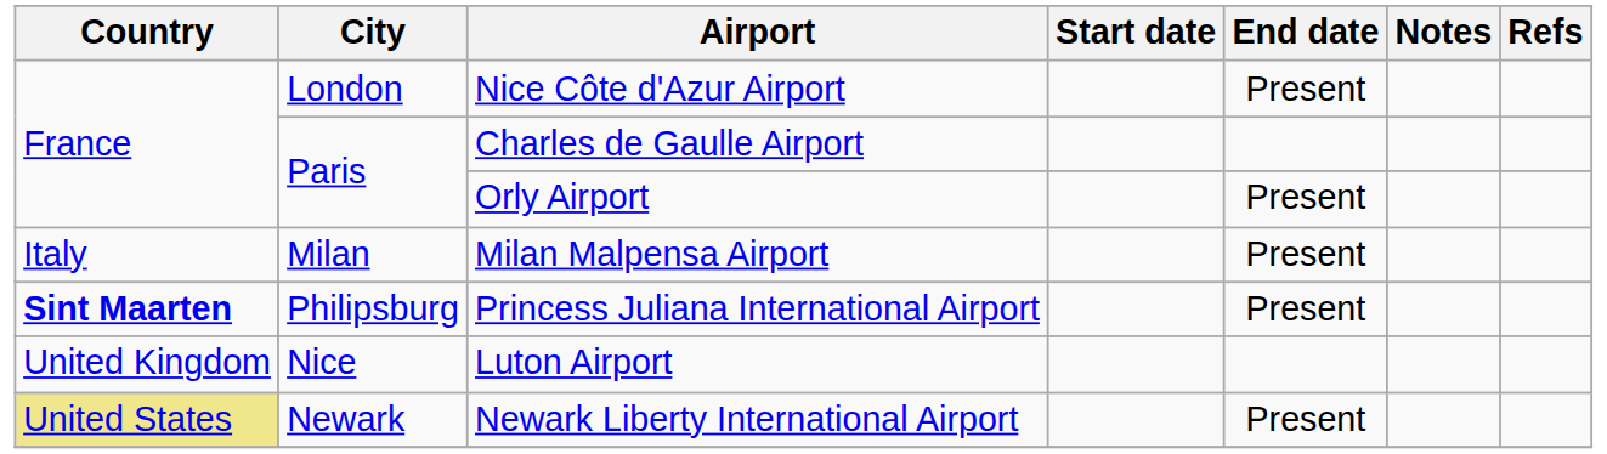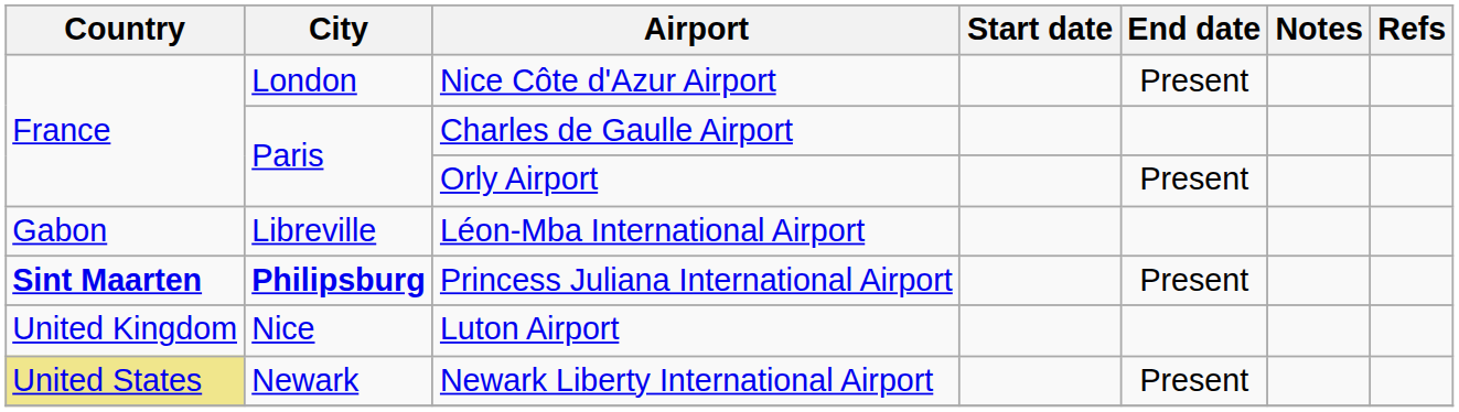 <table class="wikitable sortable" style="margin:auto;">
 <tr>
 <th>Country </th>
 <th>City</th>
 <th>Airport</th>
 <th>Start date</th>
 <th>End date</th>
 <th>Notes</th>
 <th class="unsortable">Refs</th>
 </tr>
 <tr>
 <td rowspan="3"><a href='#'>France</a></td>
 <td><a href='#'>London</a></td>
 <td><a href='#'>Nice Côte d'Azur Airport</a></td>
 <td></td>
 <td align=center>Present</td>
 <td></td>
 <td align=center></td>
 </tr>
 <tr>
 <td rowspan="2"><a href='#'>Paris</a></td>
 <td><a href='#'>Charles de Gaulle Airport</a></td>
 <td></td>
 <td align=center></td>
 <td></td>
 <td align=center></td>
 </tr>
 <tr>
 <td><a href='#'>Orly Airport</a></td>
 <td></td>
 <td align=center>Present</td>
 <td></td>
 <td align=center></td>
 </tr>
 <tr>
-<td><a href='#'>Italy</a></td>
-<td><a href='#'>Milan</a></td>
-<td><a href='#'>Milan Malpensa Airport</a></td>
+<td><a href='#'>Gabon</a></td>
+<td><a href='#'>Libreville</a></td>
+<td><a href='#'>Léon-Mba International Airport</a></td>
 <td></td>
-<td align=center>Present</td>
+<td align=center></td>
 <td></td>
 <td align=center></td>
 </tr>
 <tr>
 <td><strong><a href='#'>Sint Maarten</a></strong></td>
-<td><a href='#'>Philipsburg</a></td>
+<td><strong><a href='#'>Philipsburg</a></strong></td>
 <td><a href='#'>Princess Juliana International Airport</a></td>
 <td></td>
 <td align=center>Present</td>
 <td></td>
 <td align=center></td>
 </tr>
 <tr>
 <td><a href='#'>United Kingdom</a></td>
 <td><a href='#'>Nice</a></td>
 <td><a href='#'>Luton Airport</a></td>
 <td></td>
 <td align=center></td>
 <td></td>
 <td align=center></td>
 </tr>
 <tr>
 <td style="background: khaki;"><a href='#'>United States</a></td>
 <td><a href='#'>Newark</a></td>
 <td><a href='#'>Newark Liberty International Airport</a></td>
 <td></td>
 <td align=center>Present</td>
 <td align=center></td>
 <td align=center></td>
 </tr>
 <tr>
 </tr>
 </table>
